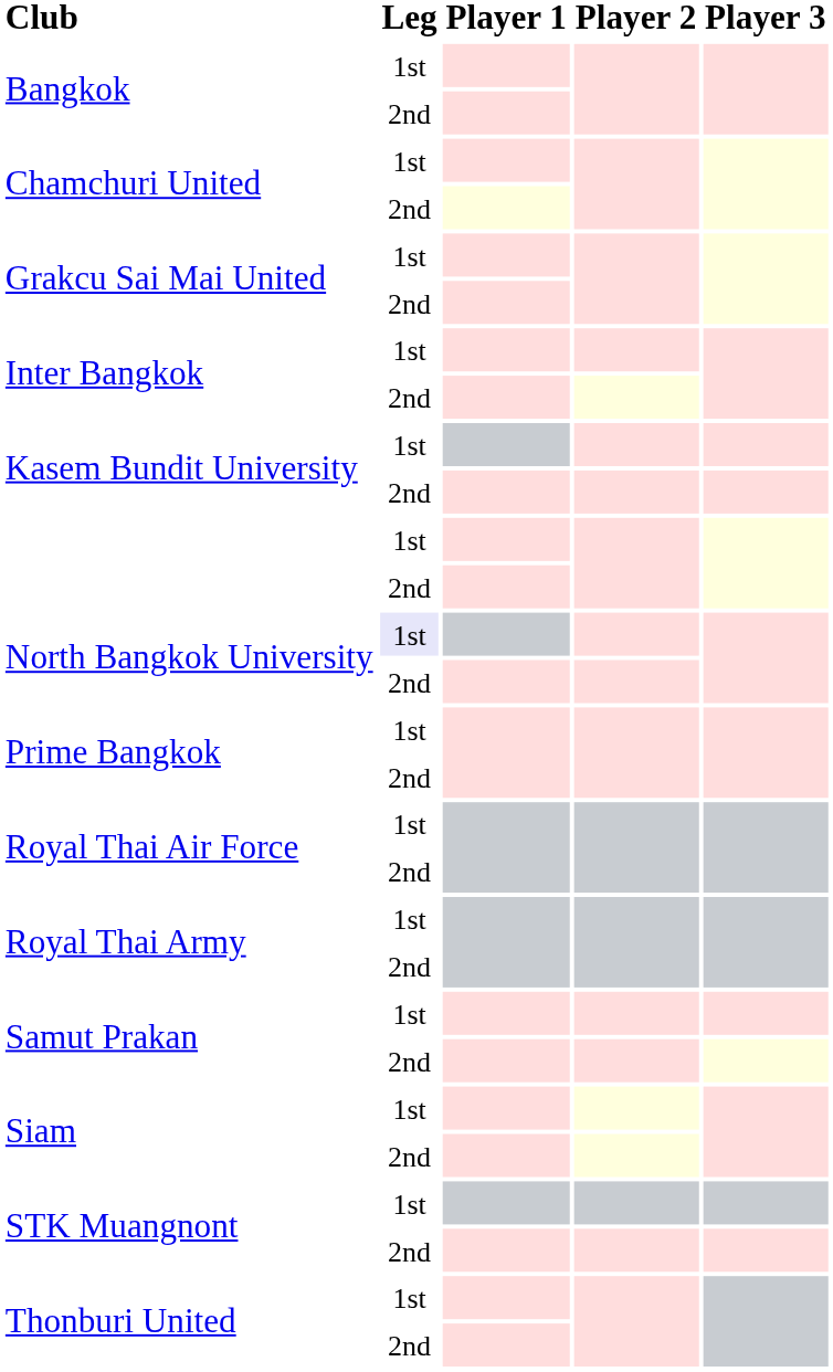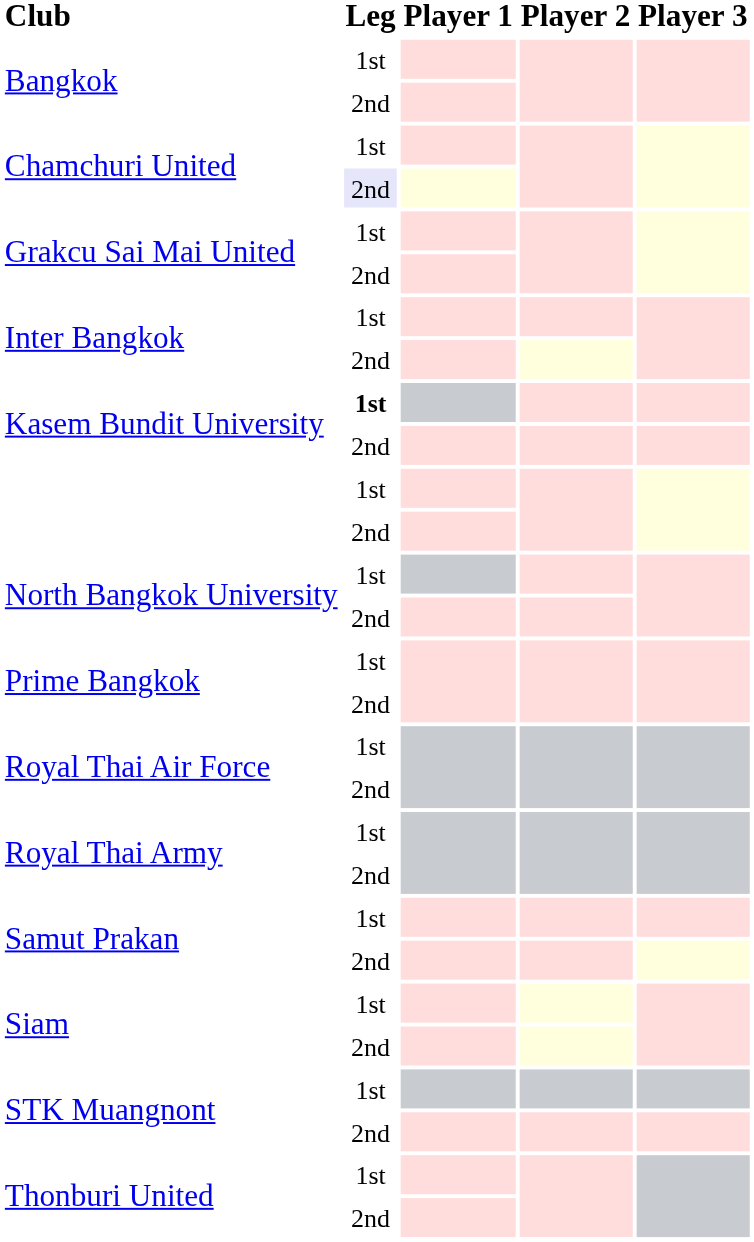 <table class="sortable" style="text-align:left">
 <tr>
 <th>Club</th>
 <th>Leg</th>
 <th>Player 1</th>
 <th>Player 2</th>
 <th>Player 3</th>
 </tr>
 <tr>
 <td rowspan="2"><a href='#'>Bangkok</a></td>
 <td align="center"><small>1st</small></td>
 <td bgcolor="#ffdddd"></td>
 <td bgcolor="#ffdddd"rowspan="2"></td>
 <td bgcolor="#ffdddd"rowspan="2"></td>
 </tr>
 <tr>
 <td align="center"><small>2nd</small></td>
 <td bgcolor="#ffdddd"></td>
 </tr>
 <tr>
 <td rowspan="2"><a href='#'>Chamchuri United</a></td>
 <td align="center"><small>1st</small></td>
 <td bgcolor="#ffdddd"></td>
 <td bgcolor="#ffdddd"rowspan="2"></td>
 <td bgcolor="#ffffdd"rowspan="2"></td>
 </tr>
 <tr>
-<td align="center"><small>2nd</small></td>
+<td align="center" style="background: lavender;"><small>2nd</small></td>
 <td bgcolor="#ffffdd"></td>
 </tr>
 <tr>
 <td rowspan="2"><a href='#'>Grakcu Sai Mai United</a></td>
 <td align="center"><small>1st</small></td>
 <td bgcolor="#ffdddd"></td>
 <td bgcolor="#ffdddd"rowspan="2"></td>
 <td bgcolor="#ffffdd"rowspan="2"></td>
 </tr>
 <tr>
 <td align="center"><small>2nd</small></td>
 <td bgcolor="#ffdddd"></td>
 </tr>
 <tr>
 <td rowspan="2"><a href='#'>Inter Bangkok</a></td>
 <td align="center"><small>1st</small></td>
 <td bgcolor="#ffdddd"></td>
 <td bgcolor="#ffdddd"></td>
 <td bgcolor="#ffdddd"rowspan="2"></td>
 </tr>
 <tr>
 <td align="center"><small>2nd</small></td>
 <td bgcolor="#ffdddd"></td>
 <td bgcolor="#ffffdd"></td>
 </tr>
 <tr>
 <td rowspan="2"><a href='#'>Kasem Bundit University</a></td>
-<td align="center"><small>1st</small></td>
+<td align="center"><strong><small>1st</small></strong></td>
 <td bgcolor="#c8ccd1"></td>
 <td bgcolor="#ffdddd"></td>
 <td bgcolor="#ffdddd"></td>
 </tr>
 <tr>
 <td align="center"><small>2nd</small></td>
 <td bgcolor="#ffdddd"></td>
 <td bgcolor="#ffdddd"></td>
 <td bgcolor="#ffdddd"></td>
 </tr>
 <tr>
 <td rowspan="2"></td>
 <td align="center"><small>1st</small></td>
 <td bgcolor="#ffdddd"></td>
 <td bgcolor="#ffdddd"rowspan="2"></td>
 <td bgcolor="#ffffdd"rowspan="2"></td>
 </tr>
 <tr>
 <td align="center"><small>2nd</small></td>
 <td bgcolor="#ffdddd"></td>
 </tr>
 <tr>
 <td rowspan="2"><a href='#'>North Bangkok University</a></td>
-<td align="center" style="background: lavender;"><small>1st</small></td>
+<td align="center"><small>1st</small></td>
 <td bgcolor="#c8ccd1"></td>
 <td bgcolor="#ffdddd"></td>
 <td bgcolor="#ffdddd"rowspan="2"></td>
 </tr>
 <tr>
 <td align="center"><small>2nd</small></td>
 <td bgcolor="#ffdddd"></td>
 <td bgcolor="#ffdddd"></td>
 </tr>
 <tr>
 <td rowspan="2"><a href='#'>Prime Bangkok</a></td>
 <td align="center"><small>1st</small></td>
 <td bgcolor="#ffdddd"rowspan="2"></td>
 <td bgcolor="#ffdddd"rowspan="2"></td>
 <td bgcolor="#ffdddd"rowspan="2"></td>
 </tr>
 <tr>
 <td align="center"><small>2nd</small></td>
 </tr>
 <tr>
 <td rowspan="2"><a href='#'>Royal Thai Air Force</a></td>
 <td align="center"><small>1st</small></td>
 <td bgcolor="#c8ccd1"rowspan="2"></td>
 <td bgcolor="#c8ccd1"rowspan="2"></td>
 <td bgcolor="#c8ccd1"rowspan="2"></td>
 </tr>
 <tr>
 <td align="center"><small>2nd</small></td>
 </tr>
 <tr>
 <td rowspan="2"><a href='#'>Royal Thai Army</a></td>
 <td align="center"><small>1st</small></td>
 <td bgcolor="#c8ccd1"rowspan="2"></td>
 <td bgcolor="#c8ccd1"rowspan="2"></td>
 <td bgcolor="#c8ccd1"rowspan="2"></td>
 </tr>
 <tr>
 <td align="center"><small>2nd</small></td>
 </tr>
 <tr>
 <td rowspan="2"><a href='#'>Samut Prakan</a></td>
 <td align="center"><small>1st</small></td>
 <td bgcolor="#ffdddd"></td>
 <td bgcolor="#ffdddd"></td>
 <td bgcolor="#ffdddd"></td>
 </tr>
 <tr>
 <td align="center"><small>2nd</small></td>
 <td bgcolor="#ffdddd"></td>
 <td bgcolor="#ffdddd"></td>
 <td bgcolor="#ffffdd"></td>
 </tr>
 <tr>
 <td rowspan="2"><a href='#'>Siam</a></td>
 <td align="center"><small>1st</small></td>
 <td bgcolor="#ffdddd"></td>
 <td bgcolor="#ffffdd"></td>
 <td bgcolor="#ffdddd"rowspan="2"></td>
 </tr>
 <tr>
 <td align="center"><small>2nd</small></td>
 <td bgcolor="#ffdddd"></td>
 <td bgcolor="#ffffdd"></td>
 </tr>
 <tr>
 <td rowspan="2"><a href='#'>STK Muangnont</a></td>
 <td align="center"><small>1st</small></td>
 <td bgcolor="#c8ccd1"></td>
 <td bgcolor="#c8ccd1"></td>
 <td bgcolor="#c8ccd1"></td>
 </tr>
 <tr>
 <td align="center"><small>2nd</small></td>
 <td bgcolor="#ffdddd"></td>
 <td bgcolor="#ffdddd"></td>
 <td bgcolor="#ffdddd"></td>
 </tr>
 <tr>
 <td rowspan="2"><a href='#'>Thonburi United</a></td>
 <td align="center"><small>1st</small></td>
 <td bgcolor="#ffdddd"></td>
 <td bgcolor="#ffdddd"rowspan="2"></td>
 <td bgcolor="#c8ccd1"rowspan="2"></td>
 </tr>
 <tr>
 <td align="center"><small>2nd</small></td>
 <td bgcolor="#ffdddd"></td>
 </tr>
 </table>
